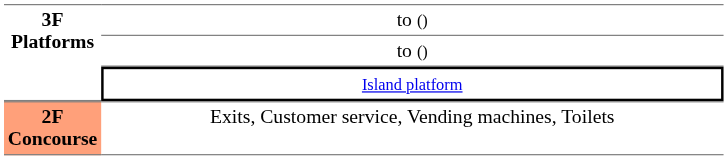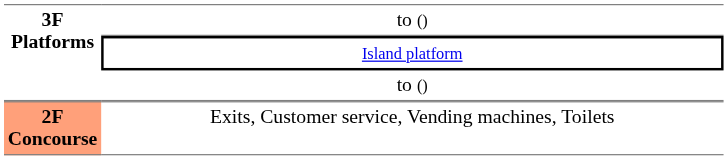 <table table border=0 cellspacing=0 cellpadding=3>
 <tr>
 <td style="border-bottom:solid 1px gray;border-top:solid 1px gray;text-align:center" rowspan="3" valign=top width=50><strong>3F<br>Platforms</strong></td>
 <td style="border-bottom:solid 1px gray;border-top:solid 1px gray;text-align:center;">  to  <small>()</small></td>
 </tr>
 <tr>
-<td style="border-bottom:solid 1px gray;text-align:center;"> to  <small>()</small> </td>
+<td style="border-right:solid 2px black;border-left:solid 2px black;border-top:solid 2px black;border-bottom:solid 2px black;text-align:center;"><small><a href='#'>Island platform</a></small></td>
 </tr>
 <tr>
-<td style="border-right:solid 2px black;border-left:solid 2px black;border-top:solid 2px black;border-bottom:solid 2px black;text-align:center;"><small><a href='#'>Island platform</a></small></td>
+<td style="border-bottom:solid 1px gray;text-align:center;"> to  <small>()</small> </td>
 </tr>
 <tr>
 <td style="background: lightsalmon; border-bottom:solid 1px gray; border-top:solid 1px gray;text-align:center" valign=top><strong>2F<br>Concourse</strong></td>
 <td style="border-bottom:solid 1px gray; border-top:solid 1px gray;text-align:center" valign=top width=500>Exits, Customer service, Vending machines, Toilets</td>
 </tr>
 </table>
